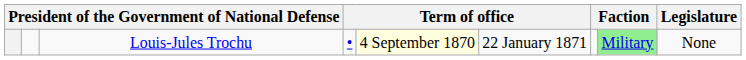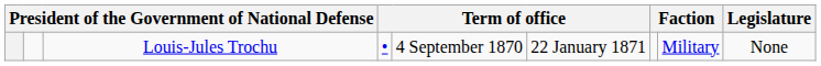 <table class="wikitable" style="text-align:center">
 <tr>
 <th colspan=3>President of the Government of National Defense<br></th>
 <th colspan=3>Term of office</th>
 <th colspan=2>Faction</th>
 <th>Legislature<br></th>
 </tr>
 <tr>
 <th></th>
 <td></td>
 <td><a href='#'>Louis-Jules Trochu</a><br></td>
 <td><a href='#'>•</a></td>
-<td style="background: lightyellow;">4 September 1870</td>
+<td>4 September 1870</td>
 <td>22 January 1871</td>
 <td style="background:"></td>
-<td style="background: lightgreen;"><a href='#'>Military</a></td>
+<td><a href='#'>Military</a></td>
 <td>None</td>
 </tr>
 </table>
